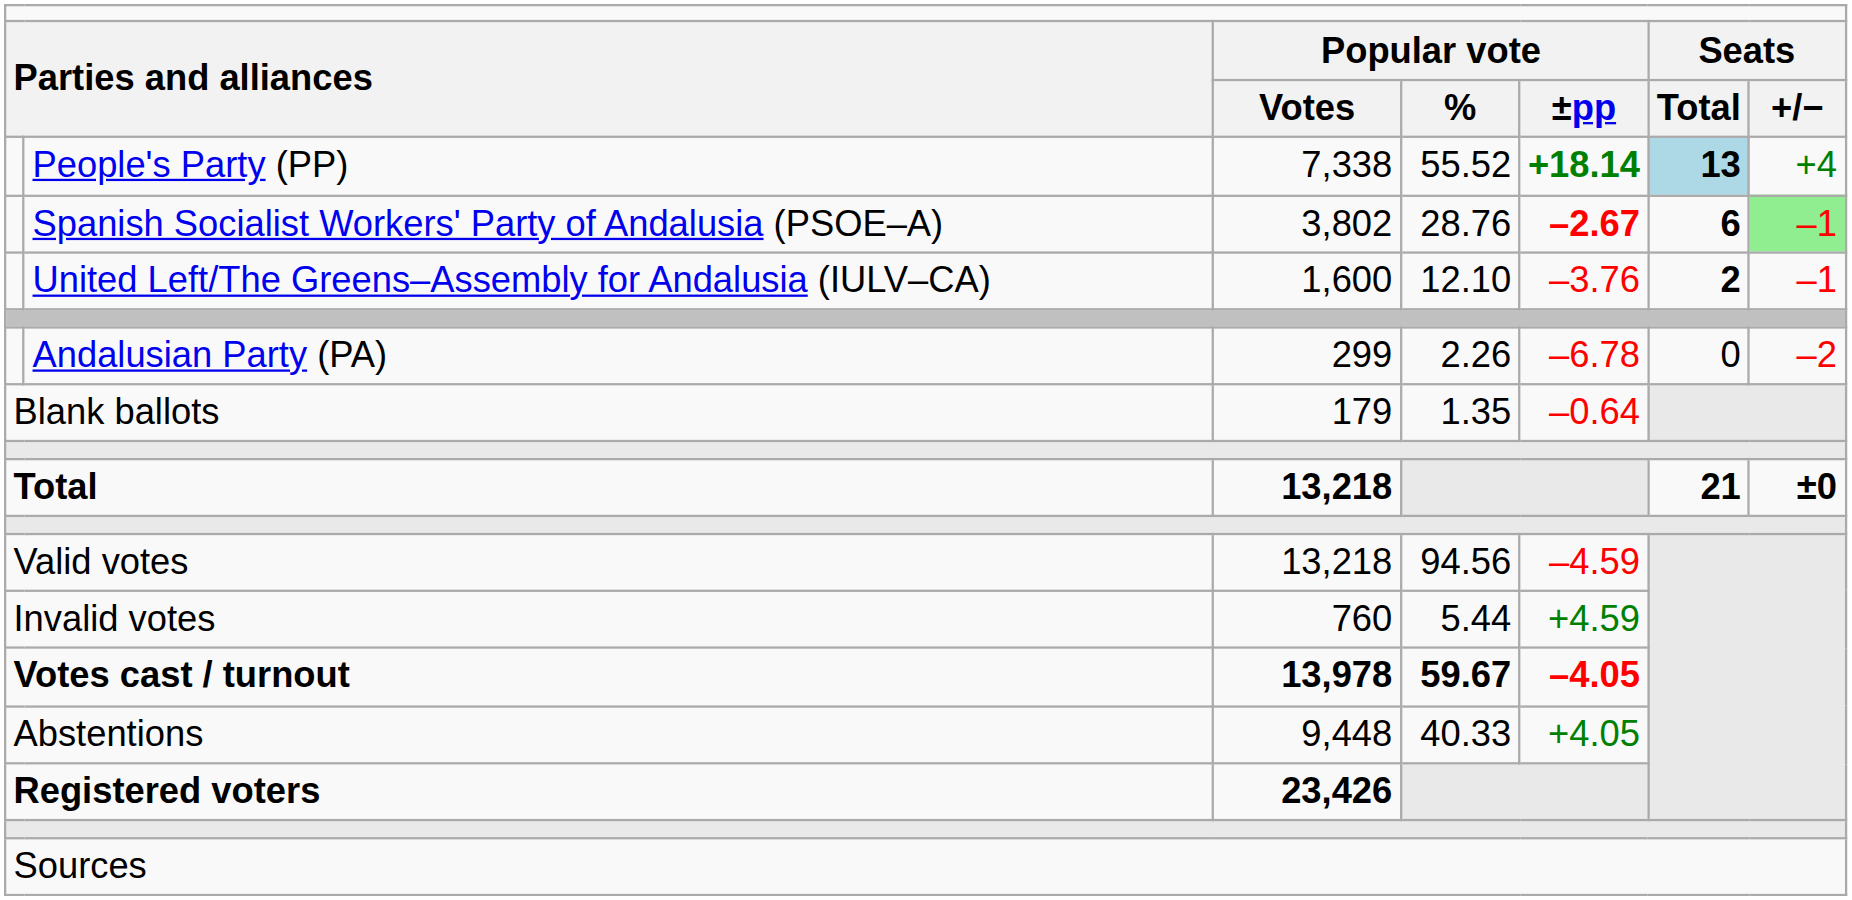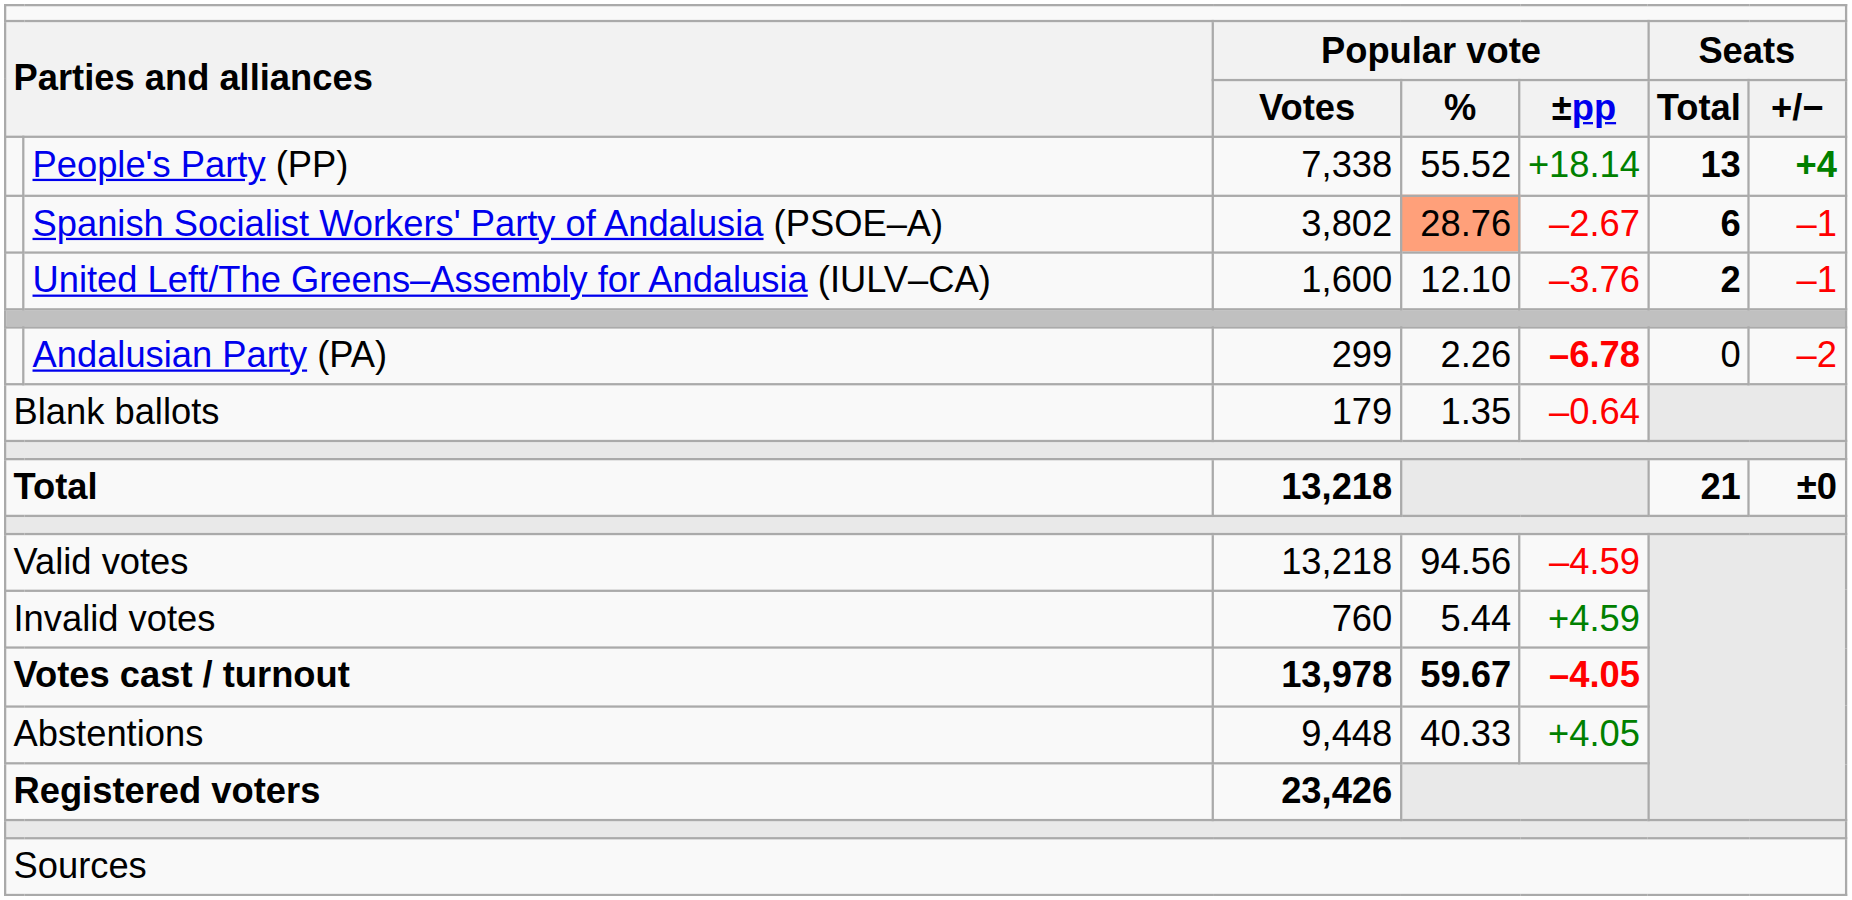 <table class="wikitable" style="text-align:right;">
 <tr>
 <td colspan="7"></td>
 </tr>
 <tr>
 <th style="text-align:left;" rowspan="2" colspan="2" width="525">Parties and alliances</th>
 <th colspan="3">Popular vote</th>
 <th colspan="2">Seats</th>
 </tr>
 <tr>
 <th width="75">Votes</th>
 <th width="45">%</th>
 <th width="45">±<a href='#'>pp</a></th>
 <th width="35">Total</th>
 <th width="35">+/−</th>
 </tr>
 <tr>
 <td width="1" style="color:inherit;background:"></td>
 <td align="left"><a href='#'>People's Party</a> (PP)</td>
 <td>7,338</td>
 <td>55.52</td>
-<td style="color:green;"><strong>+18.14</strong></td>
-<td style="background: lightblue;"><strong>13</strong></td>
-<td style="color:green;">+4</td>
+<td style="color:green;">+18.14</td>
+<td><strong>13</strong></td>
+<td style="color:green;"><strong>+4</strong></td>
 </tr>
 <tr>
 <td style="color:inherit;background:"></td>
 <td align="left"><a href='#'>Spanish Socialist Workers' Party of Andalusia</a> (PSOE–A)</td>
 <td>3,802</td>
-<td>28.76</td>
-<td style="color:red;"><strong>–2.67</strong></td>
+<td style="background: lightsalmon;">28.76</td>
+<td style="color:red;">–2.67</td>
 <td><strong>6</strong></td>
-<td style="background: lightgreen; color:red;">–1</td>
+<td style="color:red;">–1</td>
 </tr>
 <tr>
 <td style="color:inherit;background:"></td>
 <td align="left"><a href='#'>United Left/The Greens–Assembly for Andalusia</a> (IULV–CA)</td>
 <td>1,600</td>
 <td>12.10</td>
 <td style="color:red;">–3.76</td>
 <td><strong>2</strong></td>
 <td style="color:red;">–1</td>
 </tr>
 <tr>
 <td colspan="7" bgcolor="#C0C0C0"></td>
 </tr>
 <tr>
 <td style="color:inherit;background:"></td>
 <td align="left"><a href='#'>Andalusian Party</a> (PA)</td>
 <td>299</td>
 <td>2.26</td>
-<td style="color:red;">–6.78</td>
+<td style="color:red;"><strong>–6.78</strong></td>
 <td>0</td>
 <td style="color:red;">–2</td>
 </tr>
 <tr>
 <td align="left" colspan="2">Blank ballots</td>
 <td>179</td>
 <td>1.35</td>
 <td style="color:red;">–0.64</td>
 <td bgcolor="#E9E9E9" colspan="2"></td>
 </tr>
 <tr>
 <td colspan="7" bgcolor="#E9E9E9"></td>
 </tr>
 <tr style="font-weight:bold;">
 <td align="left" colspan="2">Total</td>
 <td>13,218</td>
 <td bgcolor="#E9E9E9" colspan="2"></td>
 <td>21</td>
 <td>±0</td>
 </tr>
 <tr>
 <td colspan="7" bgcolor="#E9E9E9"></td>
 </tr>
 <tr>
 <td align="left" colspan="2">Valid votes</td>
 <td>13,218</td>
 <td>94.56</td>
 <td style="color:red;">–4.59</td>
 <td bgcolor="#E9E9E9" colspan="2" rowspan="5"></td>
 </tr>
 <tr>
 <td align="left" colspan="2">Invalid votes</td>
 <td>760</td>
 <td>5.44</td>
 <td style="color:green;">+4.59</td>
 </tr>
 <tr style="font-weight:bold;">
 <td align="left" colspan="2">Votes cast / turnout</td>
 <td>13,978</td>
 <td>59.67</td>
 <td style="color:red;">–4.05</td>
 </tr>
 <tr>
 <td align="left" colspan="2">Abstentions</td>
 <td>9,448</td>
 <td>40.33</td>
 <td style="color:green;">+4.05</td>
 </tr>
 <tr style="font-weight:bold;">
 <td align="left" colspan="2">Registered voters</td>
 <td>23,426</td>
 <td bgcolor="#E9E9E9" colspan="2"></td>
 </tr>
 <tr>
 <td colspan="7" bgcolor="#E9E9E9"></td>
 </tr>
 <tr>
 <td align="left" colspan="7">Sources</td>
 </tr>
 </table>
